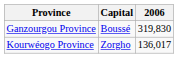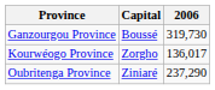 <table class="wikitable" | style="clear:right; float:right;">
 <tr>
 <th>Province</th>
 <th>Capital</th>
 <th>2006</th>
 </tr>
 <tr>
 <td><a href='#'>Ganzourgou Province</a></td>
 <td><a href='#'>Boussé</a></td>
-<td>319,830</td>
+<td>319,730</td>
 </tr>
 <tr>
 <td><a href='#'>Kourwéogo Province</a></td>
 <td><a href='#'>Zorgho</a></td>
 <td>136,017</td>
 </tr>
+<tr>
+<td><a href='#'>Oubritenga Province</a></td>
+<td><a href='#'>Ziniaré</a></td>
+<td>237,290</td>
+</tr>
 </table>
